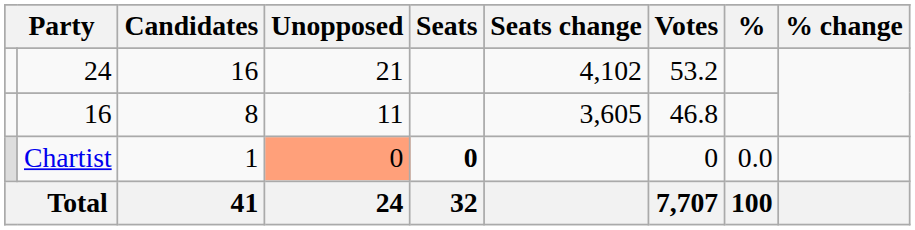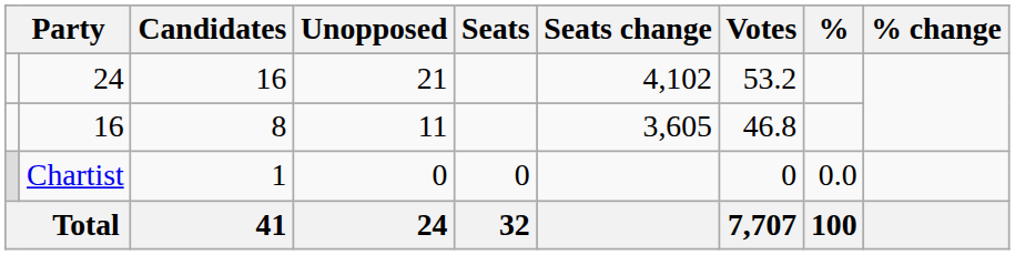 <table class="wikitable sortable">
 <tr>
 <th colspan=2>Party</th>
 <th>Candidates</th>
 <th>Unopposed</th>
 <th>Seats</th>
 <th>Seats change</th>
 <th>Votes</th>
 <th>%</th>
 <th>% change</th>
 </tr>
 <tr>
 <td></td>
 <td align=right>24</td>
 <td align=right>16</td>
 <td align=right>21</td>
 <td align=right></td>
 <td align=right>4,102</td>
 <td align=right>53.2</td>
 <td align=right></td>
 </tr>
 <tr>
 <td></td>
 <td align=right>16</td>
 <td align=right>8</td>
 <td align=right>11</td>
 <td align=right></td>
 <td align=right>3,605</td>
 <td align=right>46.8</td>
 <td align=right></td>
 </tr>
 <tr>
 <td bgcolor="#DDDDDD"></td>
 <td><a href='#'>Chartist</a></td>
 <td align=right>1</td>
-<td align=right style="background: lightsalmon;">0</td>
-<td align=right><strong>0</strong></td>
+<td align=right>0</td>
+<td align=right>0</td>
 <td align=right></td>
 <td align=right>0</td>
 <td align=right>0.0</td>
 <td align=right></td>
 </tr>
 <tr class="sortbottom" style="font-weight: bold; text-align: right; background: #f2f2f2;">
 <th colspan="2" style="padding-left: 1.5em; text-align: left;">Total</th>
 <td align=right>41</td>
 <td align=right>24</td>
 <td align=right>32</td>
 <td align=right></td>
 <td align=right>7,707</td>
 <td align=right>100</td>
 <td align=right></td>
 </tr>
 </table>
